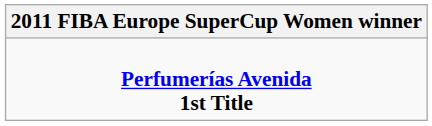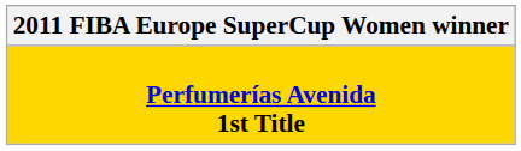 <table class=wikitable style="text-align:center; margin:auto">
 <tr>
 <th>2011 FIBA Europe SuperCup Women winner</th>
 </tr>
 <tr>
-<td><br> <strong><a href='#'>Perfumerías Avenida</a></strong> <br> <strong>1st Title</strong></td>
+<td style="background: gold;"><br> <strong><a href='#'>Perfumerías Avenida</a></strong> <br> <strong>1st Title</strong></td>
 </tr>
 </table>
